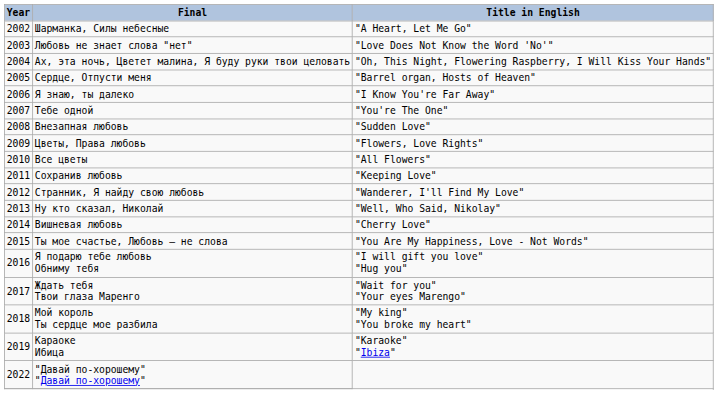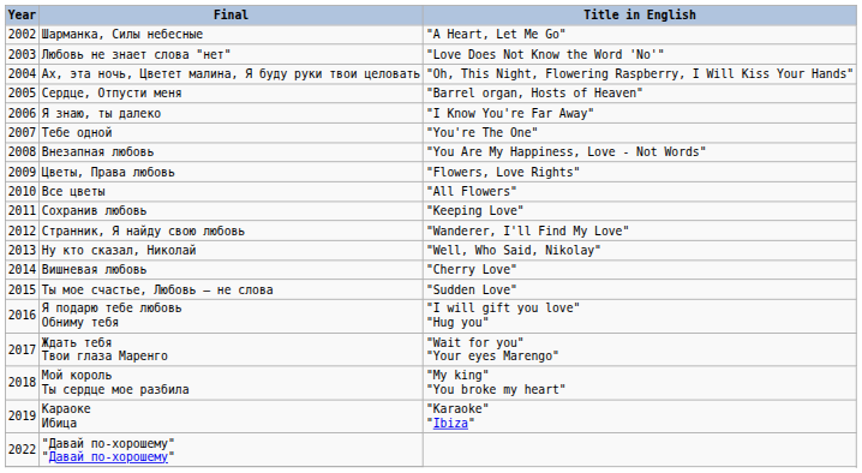 <table class="wikitable" style="font-size:90%;">
 <tr>
 <th style="background:#B0C4DE;">Year</th>
 <th style="background:#B0C4DE;">Final</th>
 <th style="background:#B0C4DE;">Title in English</th>
 </tr>
 <tr ---->
 <td>2002</td>
 <td>Шарманка, Силы небесные</td>
 <td>"A Heart, Let Me Go"</td>
 </tr>
 <tr ---->
 <td>2003</td>
 <td>Любовь не знает слова "нет"</td>
 <td>"Love Does Not Know the Word 'No'"</td>
 </tr>
 <tr ---->
 <td>2004</td>
 <td>Ах, эта ночь, Цветет малина, Я буду руки твои целовать</td>
 <td>"Oh, This Night, Flowering Raspberry, I Will Kiss Your Hands"</td>
 </tr>
 <tr ---->
 <td>2005</td>
 <td>Сердце, Отпусти меня</td>
 <td>"Barrel organ, Hosts of Heaven"</td>
 </tr>
 <tr ---->
 <td>2006</td>
 <td>Я знаю, ты далеко</td>
 <td>"I Know You're Far Away"</td>
 </tr>
 <tr ---->
 <td>2007</td>
 <td>Тебе одной</td>
 <td>"You're The One"</td>
 </tr>
 <tr ---->
 <td>2008</td>
 <td>Внезапная любовь</td>
-<td>"Sudden Love"</td>
+<td>"You Are My Happiness, Love - Not Words"</td>
 </tr>
 <tr ---->
 <td>2009</td>
 <td>Цветы, Права любовь</td>
 <td>"Flowers, Love Rights"</td>
 </tr>
 <tr ---->
 <td>2010</td>
 <td>Все цветы</td>
 <td>"All Flowers"</td>
 </tr>
 <tr ---->
 <td>2011</td>
 <td>Сохранив любовь</td>
 <td>"Keeping Love"</td>
 </tr>
 <tr ---->
 <td>2012</td>
 <td>Странник, Я найду свою любовь</td>
 <td>"Wanderer, I'll Find My Love"</td>
 </tr>
 <tr ---->
 <td>2013</td>
 <td>Ну кто сказал, Николай</td>
 <td>"Well, Who Said, Nikolay"</td>
 </tr>
 <tr ---->
 <td>2014</td>
 <td>Вишневая любовь</td>
 <td>"Cherry Love"</td>
 </tr>
 <tr ---->
 <td>2015</td>
 <td>Ты мое счастье, Любовь – не слова</td>
-<td>"You Are My Happiness, Love - Not Words"</td>
+<td>"Sudden Love"</td>
 </tr>
 <tr>
 <td>2016</td>
 <td>Я подарю тебе любовь<br>Обниму тебя</td>
 <td>"I will gift you love"<br>"Hug you"</td>
 </tr>
 <tr>
 <td>2017</td>
 <td>Ждать тебя<br>Твои глаза Маренго</td>
 <td>"Wait for you"<br>"Your eyes Marengo"</td>
 </tr>
 <tr>
 <td>2018</td>
 <td>Мой король<br>Ты сердце мое разбила</td>
 <td>"My king"<br>"You broke my heart"</td>
 </tr>
 <tr>
 <td>2019</td>
 <td>Караоке<br>Ибица</td>
 <td>"Karaoke"<br>"<a href='#'>Ibiza</a>"</td>
 </tr>
 <tr>
 <td>2022</td>
 <td>"Давай по-хорошему"<br>"<a href='#'>Давай по-хорошему</a>"</td>
 </tr>
 <tr>
 </tr>
 </table>
